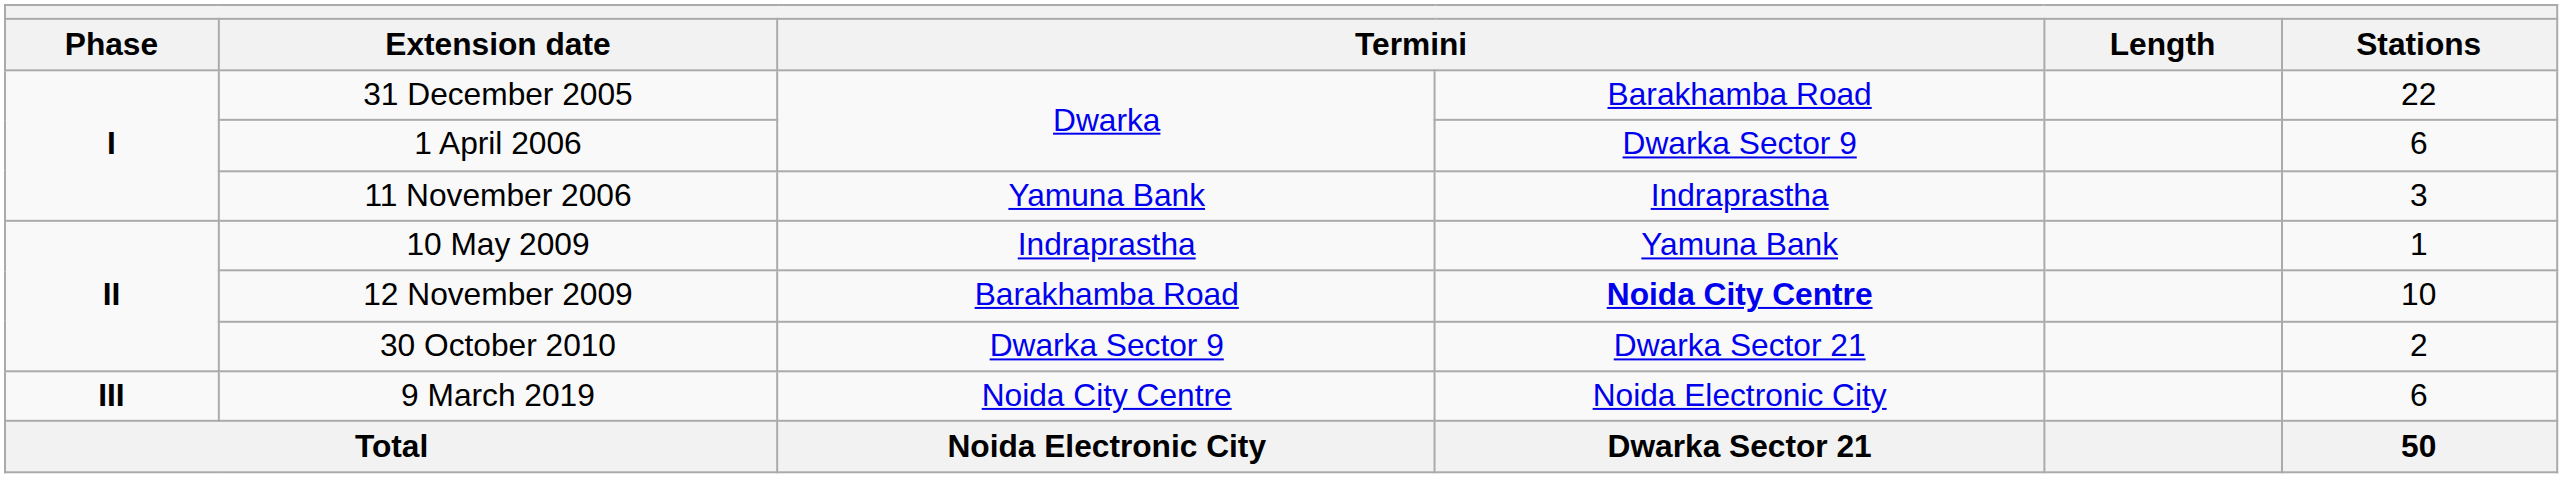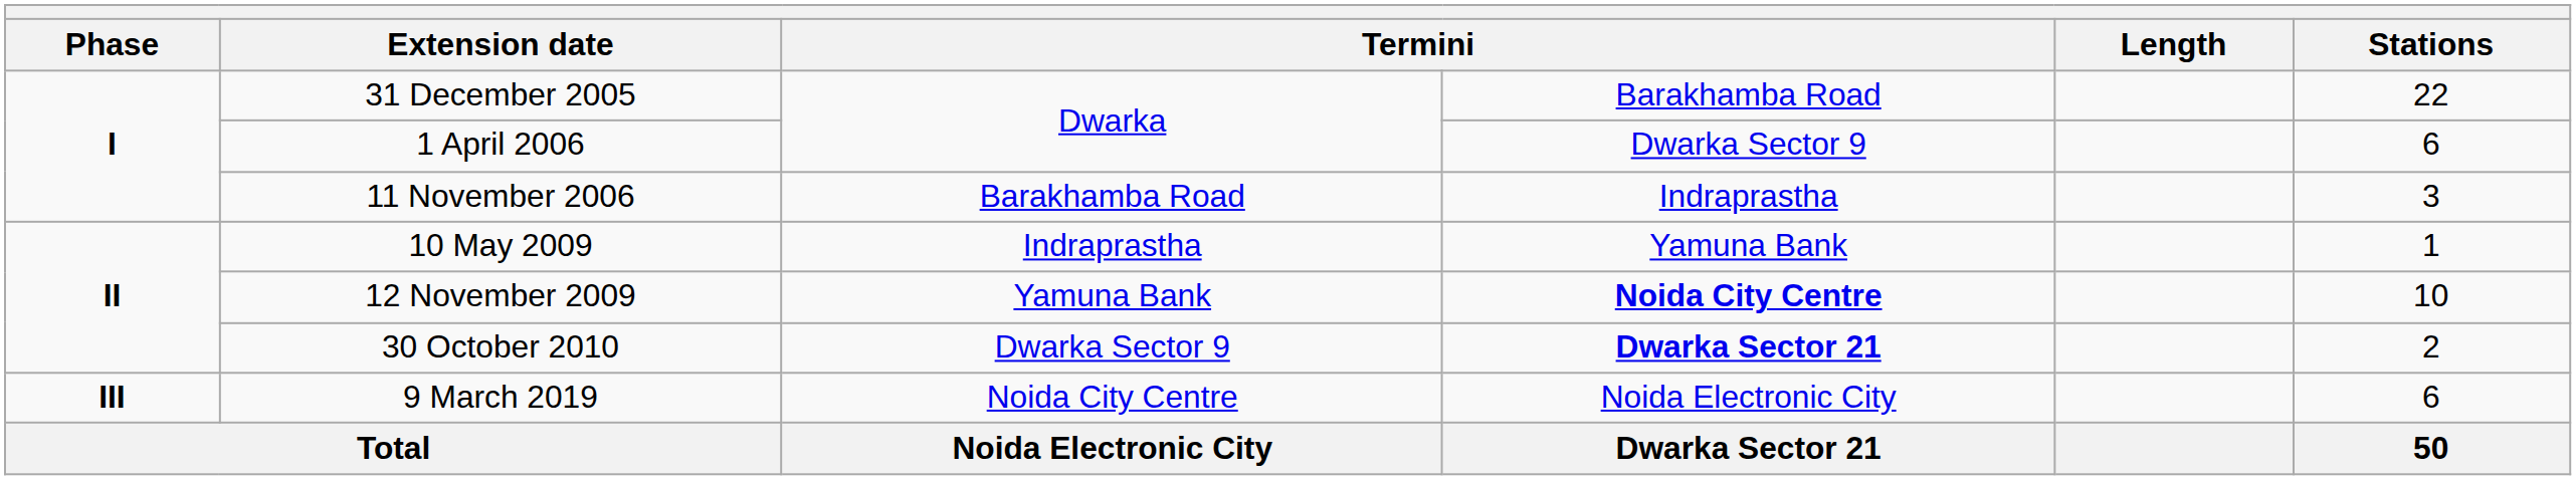 <table class="wikitable" style="text-align: center;" width="65%">
 <tr>
 <th colspan="6" ! style="background:#"></th>
 </tr>
 <tr>
 <th>Phase</th>
 <th>Extension date</th>
 <th colspan="2">Termini</th>
 <th>Length</th>
 <th>Stations</th>
 </tr>
 <tr>
 <td rowspan="3"><strong>I</strong></td>
 <td>31 December 2005</td>
 <td rowspan="2"><a href='#'>Dwarka</a></td>
 <td><a href='#'>Barakhamba Road</a></td>
 <td></td>
 <td>22</td>
 </tr>
 <tr>
 <td>1 April 2006</td>
 <td><a href='#'>Dwarka Sector 9</a></td>
 <td></td>
 <td>6</td>
 </tr>
 <tr>
 <td>11 November 2006</td>
-<td><a href='#'>Yamuna Bank</a></td>
+<td><a href='#'>Barakhamba Road</a></td>
 <td><a href='#'>Indraprastha</a></td>
 <td></td>
 <td>3</td>
 </tr>
 <tr>
 <td rowspan="3"><strong>II</strong></td>
 <td>10 May 2009</td>
 <td><a href='#'>Indraprastha</a></td>
 <td><a href='#'>Yamuna Bank</a></td>
 <td></td>
 <td>1</td>
 </tr>
 <tr>
 <td>12 November 2009</td>
-<td><a href='#'>Barakhamba Road</a></td>
+<td><a href='#'>Yamuna Bank</a></td>
 <td><strong><a href='#'>Noida City Centre</a></strong></td>
 <td></td>
 <td>10</td>
 </tr>
 <tr>
 <td>30 October 2010</td>
 <td><a href='#'>Dwarka Sector 9</a></td>
-<td><a href='#'>Dwarka Sector 21</a></td>
+<td><strong><a href='#'>Dwarka Sector 21</a></strong></td>
 <td></td>
 <td>2</td>
 </tr>
 <tr>
 <td><strong>III</strong></td>
 <td>9 March 2019</td>
 <td><a href='#'>Noida City Centre</a></td>
 <td><a href='#'>Noida Electronic City</a></td>
 <td></td>
 <td>6</td>
 </tr>
 <tr>
 <th colspan="2">Total</th>
 <th>Noida Electronic City</th>
 <th>Dwarka Sector 21</th>
 <th></th>
 <th>50</th>
 </tr>
 </table>
